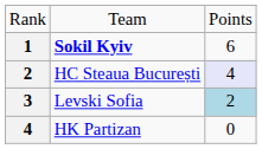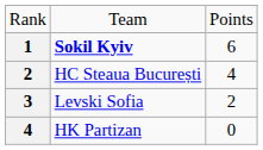 <table class="wikitable" style="text-align: center;">
 <tr>
 <td>Rank</td>
 <td>Team</td>
 <td>Points</td>
 </tr>
 <tr>
 <th>1</th>
 <td style="text-align: left;"> <strong><a href='#'>Sokil Kyiv</a></strong></td>
 <td>6</td>
 </tr>
 <tr>
 <th>2</th>
 <td style="text-align: left;"> <a href='#'>HC Steaua București</a></td>
-<td style="background: lavender;">4</td>
+<td>4</td>
 </tr>
 <tr>
 <th>3</th>
 <td style="text-align: left;"> <a href='#'>Levski Sofia</a></td>
-<td style="background: lightblue;">2</td>
+<td>2</td>
 </tr>
 <tr>
 <th>4</th>
 <td style="text-align: left;"> <a href='#'>HK Partizan</a></td>
 <td>0</td>
 </tr>
 </table>
